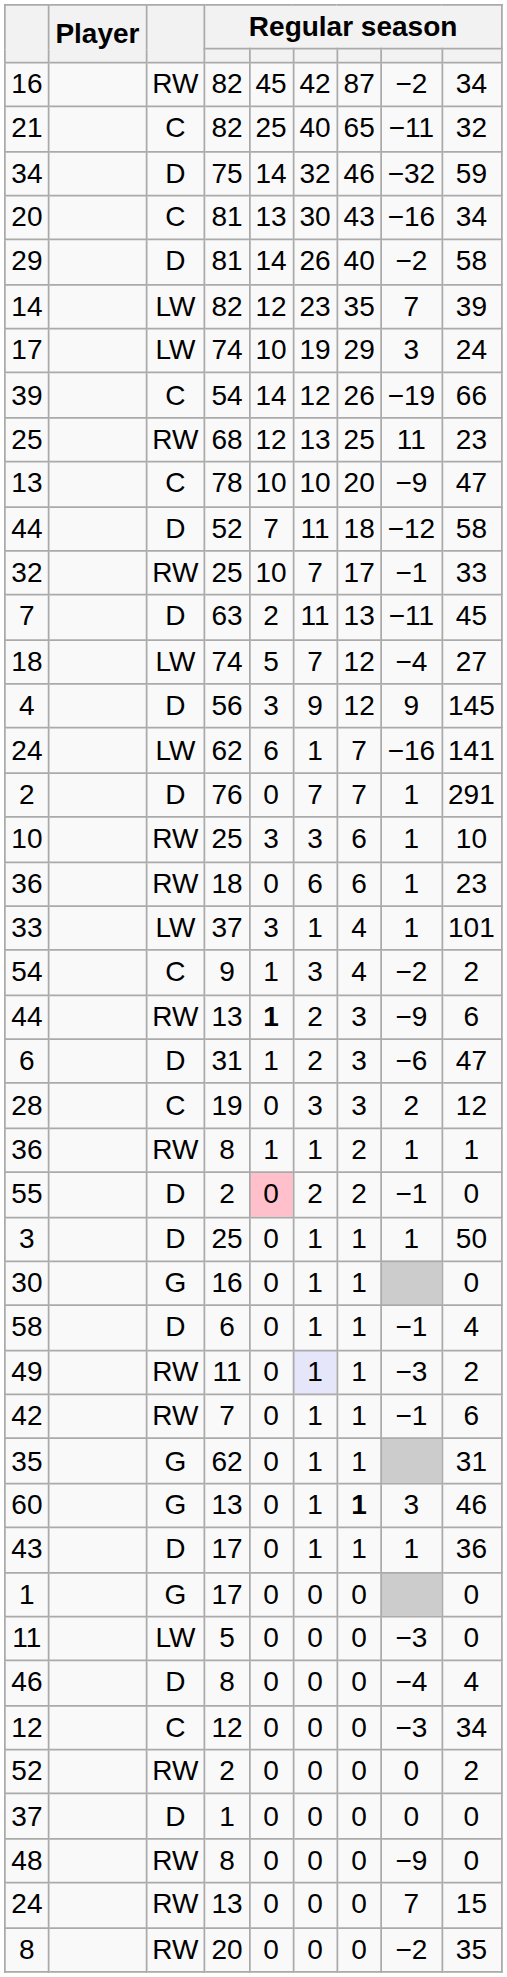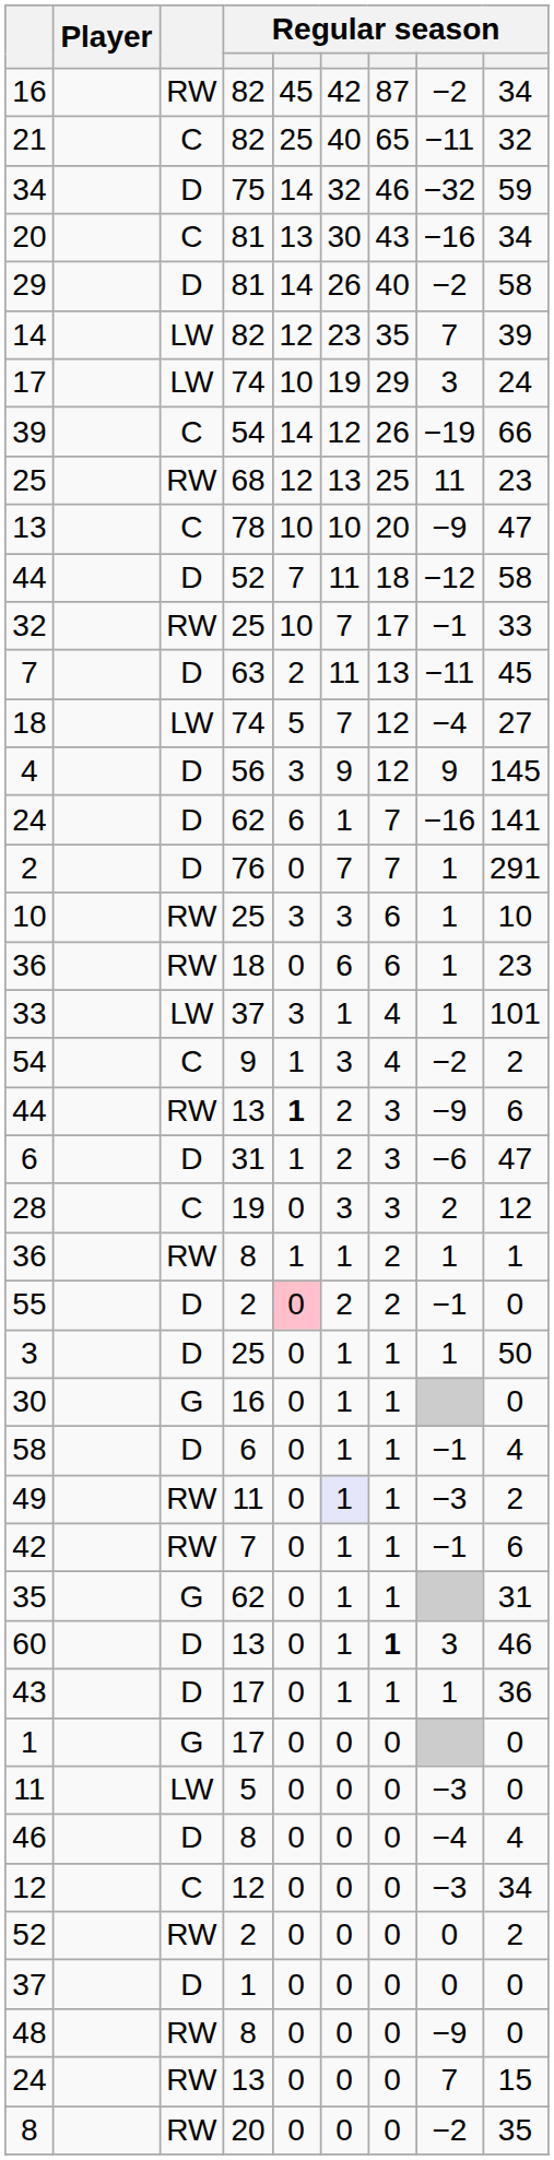 <table class="wikitable sortable plainrowheaders" style="text-align:center;">
 <tr>
 <th scope="col" data-sort-type="number" rowspan="2"></th>
 <th scope="col" rowspan="2">Player</th>
 <th scope="col" rowspan="2"></th>
 <th scope=colgroup colspan=6>Regular season</th>
 </tr>
 <tr>
 <th scope="col" data-sort-type="number"></th>
 <th scope="col" data-sort-type="number"></th>
 <th scope="col" data-sort-type="number"></th>
 <th scope="col" data-sort-type="number"></th>
 <th scope="col" data-sort-type="number"></th>
 <th scope="col" data-sort-type="number"></th>
 </tr>
 <tr>
 <td scope="row">16</td>
 <td align="left"></td>
 <td>RW</td>
 <td>82</td>
 <td>45</td>
 <td>42</td>
 <td>87</td>
 <td>−2</td>
 <td>34</td>
 </tr>
 <tr>
 <td scope="row">21</td>
 <td align="left"></td>
 <td>C</td>
 <td>82</td>
 <td>25</td>
 <td>40</td>
 <td>65</td>
 <td>−11</td>
 <td>32</td>
 </tr>
 <tr>
 <td scope="row">34</td>
 <td align="left"></td>
 <td>D</td>
 <td>75</td>
 <td>14</td>
 <td>32</td>
 <td>46</td>
 <td>−32</td>
 <td>59</td>
 </tr>
 <tr>
 <td scope="row">20</td>
 <td align="left"></td>
 <td>C</td>
 <td>81</td>
 <td>13</td>
 <td>30</td>
 <td>43</td>
 <td>−16</td>
 <td>34</td>
 </tr>
 <tr>
 <td scope="row">29</td>
 <td align="left"></td>
 <td>D</td>
 <td>81</td>
 <td>14</td>
 <td>26</td>
 <td>40</td>
 <td>−2</td>
 <td>58</td>
 </tr>
 <tr>
 <td scope="row">14</td>
 <td align="left"></td>
 <td>LW</td>
 <td>82</td>
 <td>12</td>
 <td>23</td>
 <td>35</td>
 <td>7</td>
 <td>39</td>
 </tr>
 <tr>
 <td scope="row">17</td>
 <td align="left"></td>
 <td>LW</td>
 <td>74</td>
 <td>10</td>
 <td>19</td>
 <td>29</td>
 <td>3</td>
 <td>24</td>
 </tr>
 <tr>
 <td scope="row">39</td>
 <td align="left"></td>
 <td>C</td>
 <td>54</td>
 <td>14</td>
 <td>12</td>
 <td>26</td>
 <td>−19</td>
 <td>66</td>
 </tr>
 <tr>
 <td scope="row">25</td>
 <td align="left"></td>
 <td>RW</td>
 <td>68</td>
 <td>12</td>
 <td>13</td>
 <td>25</td>
 <td>11</td>
 <td>23</td>
 </tr>
 <tr>
 <td scope="row">13</td>
 <td align="left"></td>
 <td>C</td>
 <td>78</td>
 <td>10</td>
 <td>10</td>
 <td>20</td>
 <td>−9</td>
 <td>47</td>
 </tr>
 <tr>
 <td scope="row">44</td>
 <td align="left"></td>
 <td>D</td>
 <td>52</td>
 <td>7</td>
 <td>11</td>
 <td>18</td>
 <td>−12</td>
 <td>58</td>
 </tr>
 <tr>
 <td scope="row">32</td>
 <td align="left"></td>
 <td>RW</td>
 <td>25</td>
 <td>10</td>
 <td>7</td>
 <td>17</td>
 <td>−1</td>
 <td>33</td>
 </tr>
 <tr>
 <td scope="row">7</td>
 <td align="left"></td>
 <td>D</td>
 <td>63</td>
 <td>2</td>
 <td>11</td>
 <td>13</td>
 <td>−11</td>
 <td>45</td>
 </tr>
 <tr>
 <td scope="row">18</td>
 <td align="left"></td>
 <td>LW</td>
 <td>74</td>
 <td>5</td>
 <td>7</td>
 <td>12</td>
 <td>−4</td>
 <td>27</td>
 </tr>
 <tr>
 <td scope="row">4</td>
 <td align="left"></td>
 <td>D</td>
 <td>56</td>
 <td>3</td>
 <td>9</td>
 <td>12</td>
 <td>9</td>
 <td>145</td>
 </tr>
 <tr>
 <td scope="row">24</td>
 <td align="left"></td>
-<td>LW</td>
+<td>D</td>
 <td>62</td>
 <td>6</td>
 <td>1</td>
 <td>7</td>
 <td>−16</td>
 <td>141</td>
 </tr>
 <tr>
 <td scope="row">2</td>
 <td align="left"></td>
 <td>D</td>
 <td>76</td>
 <td>0</td>
 <td>7</td>
 <td>7</td>
 <td>1</td>
 <td>291</td>
 </tr>
 <tr>
 <td scope="row">10</td>
 <td align="left"></td>
 <td>RW</td>
 <td>25</td>
 <td>3</td>
 <td>3</td>
 <td>6</td>
 <td>1</td>
 <td>10</td>
 </tr>
 <tr>
 <td scope="row">36</td>
 <td align="left"></td>
 <td>RW</td>
 <td>18</td>
 <td>0</td>
 <td>6</td>
 <td>6</td>
 <td>1</td>
 <td>23</td>
 </tr>
 <tr>
 <td scope="row">33</td>
 <td align="left"></td>
 <td>LW</td>
 <td>37</td>
 <td>3</td>
 <td>1</td>
 <td>4</td>
 <td>1</td>
 <td>101</td>
 </tr>
 <tr>
 <td scope="row">54</td>
 <td align="left"></td>
 <td>C</td>
 <td>9</td>
 <td>1</td>
 <td>3</td>
 <td>4</td>
 <td>−2</td>
 <td>2</td>
 </tr>
 <tr>
 <td scope="row">44</td>
 <td align="left"></td>
 <td>RW</td>
 <td>13</td>
 <td><strong>1</strong></td>
 <td>2</td>
 <td>3</td>
 <td>−9</td>
 <td>6</td>
 </tr>
 <tr>
 <td scope="row">6</td>
 <td align="left"></td>
 <td>D</td>
 <td>31</td>
 <td>1</td>
 <td>2</td>
 <td>3</td>
 <td>−6</td>
 <td>47</td>
 </tr>
 <tr>
 <td scope="row">28</td>
 <td align="left"></td>
 <td>C</td>
 <td>19</td>
 <td>0</td>
 <td>3</td>
 <td>3</td>
 <td>2</td>
 <td>12</td>
 </tr>
 <tr>
 <td scope="row">36</td>
 <td align="left"></td>
 <td>RW</td>
 <td>8</td>
 <td>1</td>
 <td>1</td>
 <td>2</td>
 <td>1</td>
 <td>1</td>
 </tr>
 <tr>
 <td scope="row">55</td>
 <td align="left"></td>
 <td>D</td>
 <td>2</td>
 <td style="background: pink;">0</td>
 <td>2</td>
 <td>2</td>
 <td>−1</td>
 <td>0</td>
 </tr>
 <tr>
 <td scope="row">3</td>
 <td align="left"></td>
 <td>D</td>
 <td>25</td>
 <td>0</td>
 <td>1</td>
 <td>1</td>
 <td>1</td>
 <td>50</td>
 </tr>
 <tr>
 <td scope="row">30</td>
 <td align="left"></td>
 <td>G</td>
 <td>16</td>
 <td>0</td>
 <td>1</td>
 <td>1</td>
 <td style="background:#ccc"></td>
 <td>0</td>
 </tr>
 <tr>
 <td scope="row">58</td>
 <td align="left"></td>
 <td>D</td>
 <td>6</td>
 <td>0</td>
 <td>1</td>
 <td>1</td>
 <td>−1</td>
 <td>4</td>
 </tr>
 <tr>
 <td scope="row">49</td>
 <td align="left"></td>
 <td>RW</td>
 <td>11</td>
 <td>0</td>
 <td style="background: lavender;">1</td>
 <td>1</td>
 <td>−3</td>
 <td>2</td>
 </tr>
 <tr>
 <td scope="row">42</td>
 <td align="left"></td>
 <td>RW</td>
 <td>7</td>
 <td>0</td>
 <td>1</td>
 <td>1</td>
 <td>−1</td>
 <td>6</td>
 </tr>
 <tr>
 <td scope="row">35</td>
 <td align="left"></td>
 <td>G</td>
 <td>62</td>
 <td>0</td>
 <td>1</td>
 <td>1</td>
 <td style="background:#ccc"></td>
 <td>31</td>
 </tr>
 <tr>
 <td scope="row">60</td>
 <td align="left"></td>
-<td>G</td>
+<td>D</td>
 <td>13</td>
 <td>0</td>
 <td>1</td>
 <td><strong>1</strong></td>
 <td>3</td>
 <td>46</td>
 </tr>
 <tr>
 <td scope="row">43</td>
 <td align="left"></td>
 <td>D</td>
 <td>17</td>
 <td>0</td>
 <td>1</td>
 <td>1</td>
 <td>1</td>
 <td>36</td>
 </tr>
 <tr>
 <td scope="row">1</td>
 <td align="left"></td>
 <td>G</td>
 <td>17</td>
 <td>0</td>
 <td>0</td>
 <td>0</td>
 <td style="background:#ccc"></td>
 <td>0</td>
 </tr>
 <tr>
 <td scope="row">11</td>
 <td align="left"></td>
 <td>LW</td>
 <td>5</td>
 <td>0</td>
 <td>0</td>
 <td>0</td>
 <td>−3</td>
 <td>0</td>
 </tr>
 <tr>
 <td scope="row">46</td>
 <td align="left"></td>
 <td>D</td>
 <td>8</td>
 <td>0</td>
 <td>0</td>
 <td>0</td>
 <td>−4</td>
 <td>4</td>
 </tr>
 <tr>
 <td scope="row">12</td>
 <td align="left"></td>
 <td>C</td>
 <td>12</td>
 <td>0</td>
 <td>0</td>
 <td>0</td>
 <td>−3</td>
 <td>34</td>
 </tr>
 <tr>
 <td scope="row">52</td>
 <td align="left"></td>
 <td>RW</td>
 <td>2</td>
 <td>0</td>
 <td>0</td>
 <td>0</td>
 <td>0</td>
 <td>2</td>
 </tr>
 <tr>
 <td scope="row">37</td>
 <td align="left"></td>
 <td>D</td>
 <td>1</td>
 <td>0</td>
 <td>0</td>
 <td>0</td>
 <td>0</td>
 <td>0</td>
 </tr>
 <tr>
 <td scope="row">48</td>
 <td align="left"></td>
 <td>RW</td>
 <td>8</td>
 <td>0</td>
 <td>0</td>
 <td>0</td>
 <td>−9</td>
 <td>0</td>
 </tr>
 <tr>
 <td scope="row">24</td>
 <td align="left"></td>
 <td>RW</td>
 <td>13</td>
 <td>0</td>
 <td>0</td>
 <td>0</td>
 <td>7</td>
 <td>15</td>
 </tr>
 <tr>
 <td scope="row">8</td>
 <td align="left"></td>
 <td>RW</td>
 <td>20</td>
 <td>0</td>
 <td>0</td>
 <td>0</td>
 <td>−2</td>
 <td>35</td>
 </tr>
 </table>
